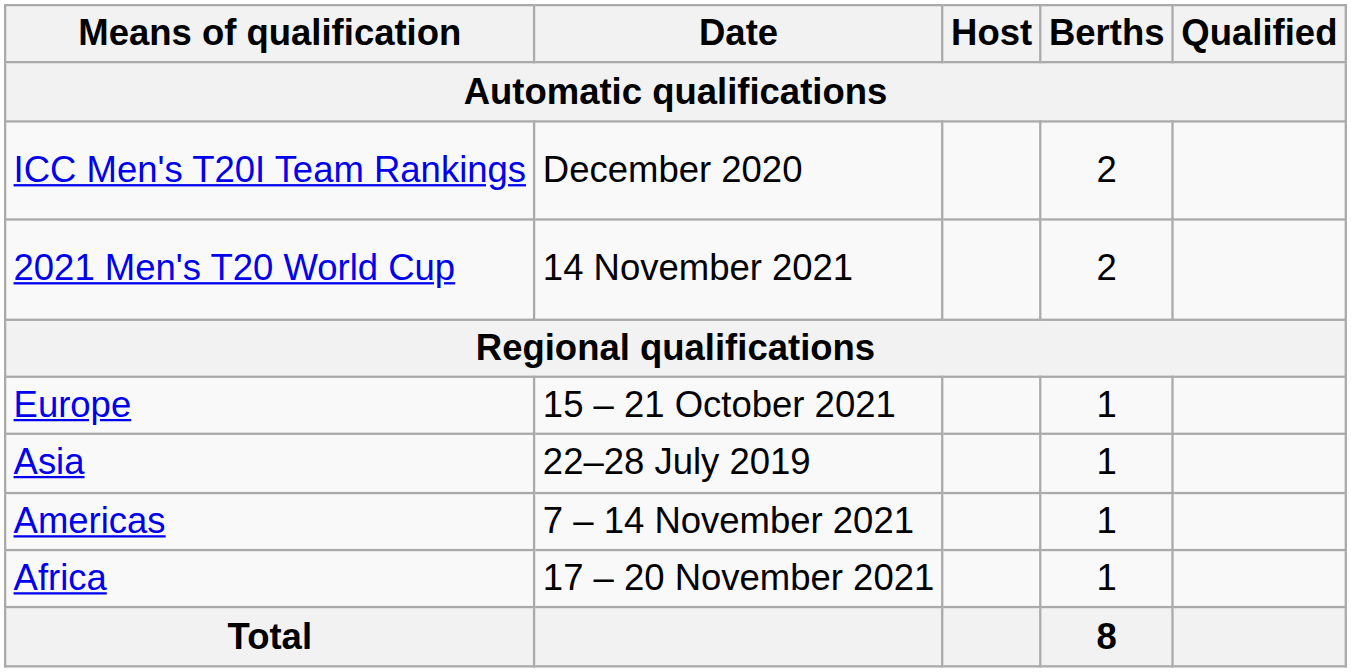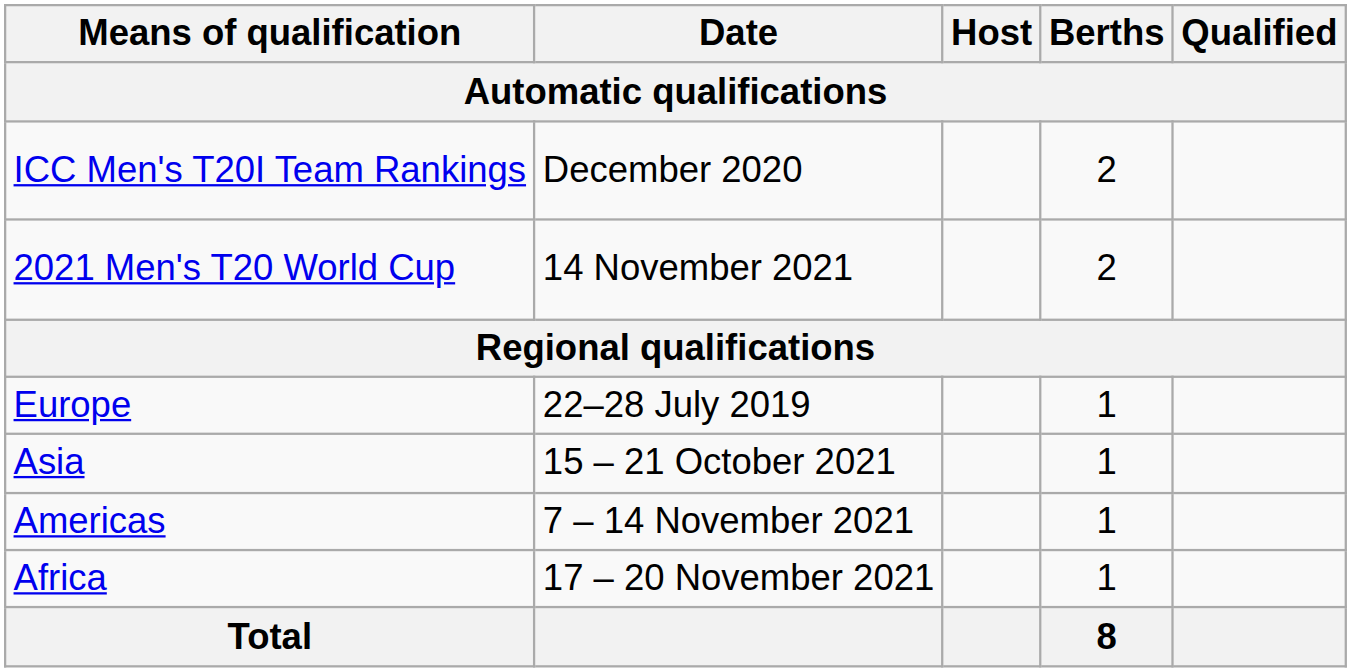 <table class="wikitable">
 <tr>
 <th>Means of qualification</th>
 <th>Date</th>
 <th>Host</th>
 <th>Berths</th>
 <th>Qualified</th>
 </tr>
 <tr>
 <th colspan="5">Automatic qualifications</th>
 </tr>
 <tr>
 <td><a href='#'>ICC Men's T20I Team Rankings</a></td>
 <td>December 2020</td>
 <td></td>
 <td style="text-align:center;">2</td>
 <td><br><br> </td>
 </tr>
 <tr>
 <td><a href='#'>2021 Men's T20 World Cup</a></td>
 <td>14 November 2021</td>
 <td><br></td>
 <td style="text-align:center;">2</td>
 <td><br><br> </td>
 </tr>
 <tr>
 <th colspan="5">Regional qualifications</th>
 </tr>
 <tr>
 <td><a href='#'>Europe</a></td>
-<td>15 – 21 October 2021</td>
+<td>22–28 July 2019</td>
 <td></td>
 <td style="text-align:center;">1</td>
 <td></td>
 </tr>
 <tr>
 <td><a href='#'>Asia</a></td>
-<td>22–28 July 2019</td>
+<td>15 – 21 October 2021</td>
 <td></td>
 <td style="text-align:center;">1</td>
 <td></td>
 </tr>
 <tr>
 <td><a href='#'>Americas</a></td>
 <td>7 – 14 November 2021</td>
 <td></td>
 <td style="text-align:center;">1</td>
 <td></td>
 </tr>
 <tr>
 <td><a href='#'>Africa</a></td>
 <td>17 – 20 November 2021</td>
 <td></td>
 <td style="text-align:center;">1</td>
 <td></td>
 </tr>
 <tr>
 <th>Total</th>
 <th></th>
 <th></th>
 <th>8</th>
 <th></th>
 </tr>
 </table>
